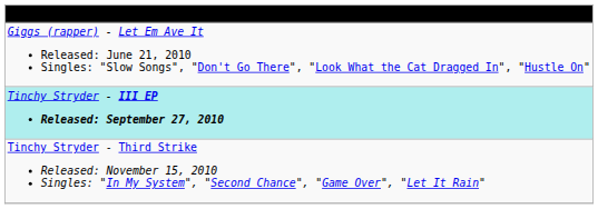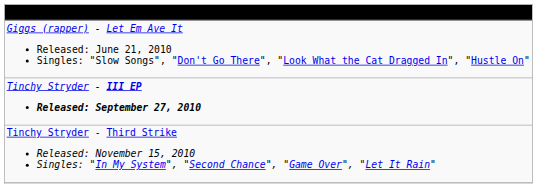 <table class="wikitable">
 <tr>
 <th style="background:#000000;" align="center"><span>Information</span></th>
 </tr>
 <tr>
 <td align="left"><em><a href='#'>Giggs (rapper)</a> - <a href='#'>Let Em Ave It</a></em><br><ul><li>Released: June 21, 2010</li><li>Singles: "Slow Songs", "<a href='#'>Don't Go There</a>", "<a href='#'>Look What the Cat Dragged In</a>", "<a href='#'>Hustle On</a>"</li></ul></td>
 </tr>
 <tr>
-<td align="left" style="background: paleturquoise;"><em><a href='#'>Tinchy Stryder</a> - <strong><a href='#'>III EP</a><strong><em><br><ul><li>Released: September 27, 2010</li></ul></td>
+<td align="left"><em><a href='#'>Tinchy Stryder</a> - <strong><a href='#'>III EP</a><strong><em><br><ul><li>Released: September 27, 2010</li></ul></td>
 </tr>
 <tr>
 <td align="left"></em><a href='#'>Tinchy Stryder</a> - <a href='#'>Third Strike</a><em><br><ul><li>Released: November 15, 2010</li><li>Singles: "<a href='#'>In My System</a>", "<a href='#'>Second Chance</a>", "<a href='#'>Game Over</a>", "<a href='#'>Let It Rain</a>"</li></ul></td>
 </tr>
 <tr>
 </tr>
 </table>
